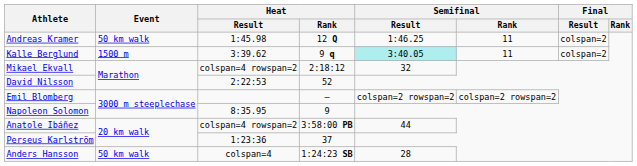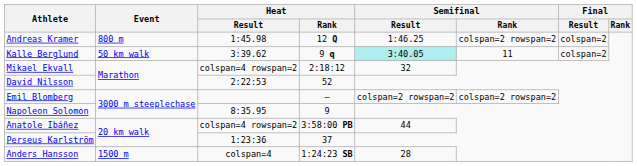 <table class="wikitable" style="font-size:90%">
 <tr>
 <th rowspan="2">Athlete</th>
 <th rowspan="2">Event</th>
 <th colspan="2">Heat</th>
 <th colspan="2">Semifinal</th>
 <th colspan="2">Final</th>
 </tr>
 <tr style="font-size:95%">
 <th>Result</th>
 <th>Rank</th>
 <th>Result</th>
 <th>Rank</th>
 <th>Result</th>
 <th>Rank</th>
 </tr>
 <tr align=center>
 <td align=left><a href='#'>Andreas Kramer</a></td>
-<td align=left><a href='#'>50 km walk</a></td>
+<td align=left><a href='#'>800 m</a></td>
 <td>1:45.98</td>
 <td>12 <strong>Q</strong></td>
 <td>1:46.25</td>
-<td>11</td>
+<td>colspan=2 rowspan=2 </td>
 <td>colspan=2 </td>
 </tr>
 <tr align=center>
 <td align=left><a href='#'>Kalle Berglund</a></td>
-<td align=left><a href='#'>1500 m</a></td>
+<td align=left><a href='#'>50 km walk</a></td>
 <td>3:39.62</td>
 <td>9 <strong>q</strong></td>
 <td style="background: paleturquoise;">3:40.05</td>
 <td>11</td>
 <td>colspan=2 </td>
 </tr>
 <tr align=center>
 <td align=left><a href='#'>Mikael Ekvall</a></td>
 <td align=left rowspan=2><a href='#'>Marathon</a></td>
 <td>colspan=4 rowspan=2 </td>
 <td>2:18:12</td>
 <td>32</td>
 </tr>
 <tr align=center>
 <td align=left><a href='#'>David Nilsson</a></td>
 <td>2:22:53</td>
 <td>52</td>
 </tr>
 <tr align=center>
 <td align=left><a href='#'>Emil Blomberg</a></td>
 <td align=left rowspan=2><a href='#'>3000 m steeplechase</a></td>
 <td></td>
 <td>–</td>
 <td>colspan=2  rowspan=2 </td>
 <td>colspan=2 rowspan=2 </td>
 </tr>
 <tr align=center>
 <td align=left><a href='#'>Napoleon Solomon</a></td>
 <td>8:35.95</td>
 <td>9</td>
 </tr>
 <tr align=center>
 <td align=left><a href='#'>Anatole Ibáñez</a></td>
 <td align=left rowspan=2><a href='#'>20 km walk</a></td>
 <td>colspan=4 rowspan=2 </td>
 <td>3:58:00 <strong>PB</strong></td>
 <td>44</td>
 </tr>
 <tr align=center>
 <td align=left><a href='#'>Perseus Karlström</a></td>
 <td>1:23:36</td>
 <td>37</td>
 </tr>
 <tr align=center>
 <td align=left><a href='#'>Anders Hansson</a></td>
-<td align=left><a href='#'>50 km walk</a></td>
+<td align=left><a href='#'>1500 m</a></td>
 <td>colspan=4 </td>
 <td>1:24:23 <strong>SB</strong></td>
 <td>28</td>
 </tr>
 </table>
